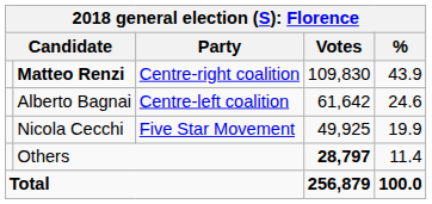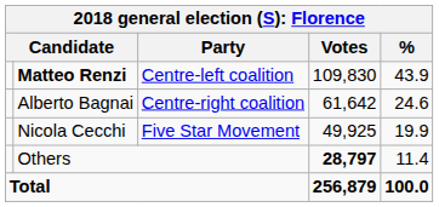 <table class=wikitable style=text-align:right>
 <tr>
 <th colspan=5>2018 general election (<a href='#'>S</a>): <a href='#'>Florence</a></th>
 </tr>
 <tr>
 <th colspan=2>Candidate</th>
 <th>Party</th>
 <th>Votes</th>
 <th>%</th>
 </tr>
 <tr>
 <td></td>
 <td align=left><strong>Matteo Renzi</strong></td>
-<td align=left><a href='#'>Centre-right coalition</a></td>
+<td align=left><a href='#'>Centre-left coalition</a></td>
 <td>109,830</td>
 <td>43.9</td>
 </tr>
 <tr>
 <td></td>
 <td align=left>Alberto Bagnai</td>
-<td align=left><a href='#'>Centre-left coalition</a></td>
+<td align=left><a href='#'>Centre-right coalition</a></td>
 <td>61,642</td>
 <td>24.6</td>
 </tr>
 <tr>
 <td></td>
 <td align=left>Nicola Cecchi</td>
 <td align=left><a href='#'>Five Star Movement</a></td>
 <td>49,925</td>
 <td>19.9</td>
 </tr>
 <tr>
 <td></td>
 <td style="text-align:left;" colspan="2">Others</td>
 <td><strong>28,797</strong></td>
 <td>11.4</td>
 </tr>
 <tr>
 <td style="text-align:left;" colspan="3"><strong>Total</strong></td>
 <td><strong>256,879</strong></td>
 <td><strong>100.0</strong></td>
 </tr>
 </table>
